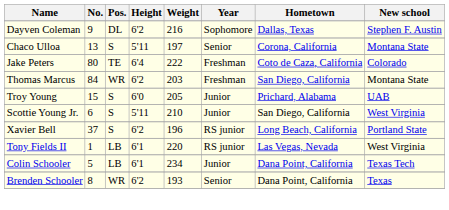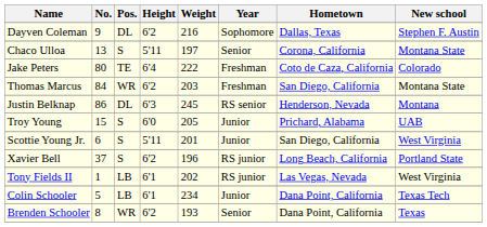 <table class="wikitable sortable">
 <tr>
 <th>Name</th>
 <th>No.</th>
 <th>Pos.</th>
 <th>Height</th>
 <th>Weight</th>
 <th>Year</th>
 <th>Hometown</th>
 <th class="unsortable">New school</th>
 </tr>
 <tr>
 </tr>
 <tr style="background:#FFFFE6;">
 <td>Dayven Coleman</td>
 <td>9</td>
 <td>DL</td>
 <td>6'2</td>
 <td>216</td>
 <td>Sophomore</td>
 <td><a href='#'>Dallas, Texas</a></td>
 <td><a href='#'>Stephen F. Austin</a></td>
 </tr>
 <tr>
 </tr>
 <tr style="background:#FFFFE6;">
 <td>Chaco Ulloa</td>
 <td>13</td>
 <td>S</td>
 <td>5'11</td>
 <td>197</td>
 <td>Senior</td>
 <td><a href='#'>Corona, California</a></td>
 <td><a href='#'>Montana State</a></td>
 </tr>
 <tr>
 </tr>
 <tr style="background:#FFFFE6;">
 <td>Jake Peters</td>
 <td>80</td>
 <td>TE</td>
 <td>6'4</td>
 <td>222</td>
 <td>Freshman</td>
 <td><a href='#'>Coto de Caza, California</a></td>
 <td><a href='#'>Colorado</a></td>
 </tr>
 <tr>
 </tr>
 <tr style="background:#FFFFE6;">
 <td>Thomas Marcus</td>
 <td>84</td>
 <td>WR</td>
 <td>6'2</td>
 <td>203</td>
 <td>Freshman</td>
 <td><a href='#'>San Diego, California</a></td>
 <td>Montana State</td>
 </tr>
 <tr>
 </tr>
+<tr style="background:#FFFFE6;">
+<td>Justin Belknap</td>
+<td>86</td>
+<td>DL</td>
+<td>6'3</td>
+<td>245</td>
+<td>RS senior</td>
+<td><a href='#'>Henderson, Nevada</a></td>
+<td><a href='#'>Montana</a></td>
+</tr>
 <tr>
 </tr>
 <tr style="background:#FFFFE6;">
 <td>Troy Young</td>
 <td>15</td>
 <td>S</td>
 <td>6'0</td>
 <td>205</td>
 <td>Junior</td>
 <td><a href='#'>Prichard, Alabama</a></td>
 <td><a href='#'>UAB</a></td>
 </tr>
 <tr>
 </tr>
 <tr style="background:#FFFFE6;">
 <td>Scottie Young Jr.</td>
 <td>6</td>
 <td>S</td>
 <td>5'11</td>
-<td>210</td>
+<td>201</td>
 <td>Junior</td>
 <td>San Diego, California</td>
 <td><a href='#'>West Virginia</a></td>
 </tr>
 <tr>
 </tr>
 <tr style="background:#FFFFE6;">
 <td>Xavier Bell</td>
 <td>37</td>
 <td>S</td>
 <td>6'2</td>
 <td>196</td>
 <td>RS junior</td>
 <td><a href='#'>Long Beach, California</a></td>
 <td><a href='#'>Portland State</a></td>
 </tr>
 <tr>
 </tr>
 <tr style="background:#FFFFE6;">
 <td><a href='#'>Tony Fields II</a></td>
 <td>1</td>
 <td>LB</td>
 <td>6'1</td>
-<td>220</td>
+<td>202</td>
 <td>RS junior</td>
 <td><a href='#'>Las Vegas, Nevada</a></td>
 <td>West Virginia</td>
 </tr>
 <tr>
 </tr>
 <tr style="background:#FFFFE6;">
 <td><a href='#'>Colin Schooler</a></td>
 <td>5</td>
 <td>LB</td>
 <td>6'1</td>
 <td>234</td>
 <td>Junior</td>
 <td><a href='#'>Dana Point, California</a></td>
 <td><a href='#'>Texas Tech</a></td>
 </tr>
 <tr>
 </tr>
 <tr style="background:#FFFFE6;">
 <td><a href='#'>Brenden Schooler</a></td>
 <td>8</td>
 <td>WR</td>
 <td>6'2</td>
 <td>193</td>
 <td>Senior</td>
 <td>Dana Point, California</td>
 <td><a href='#'>Texas</a></td>
 </tr>
 <tr>
 </tr>
 </table>
